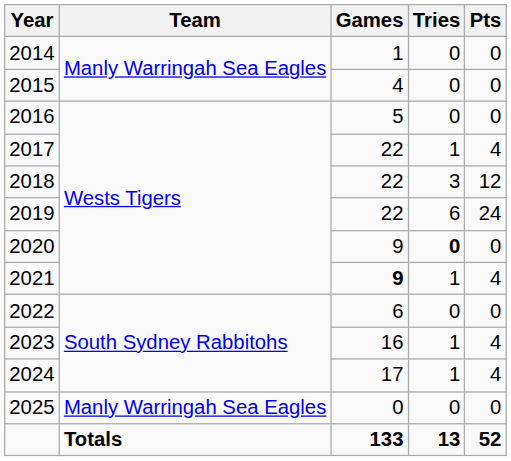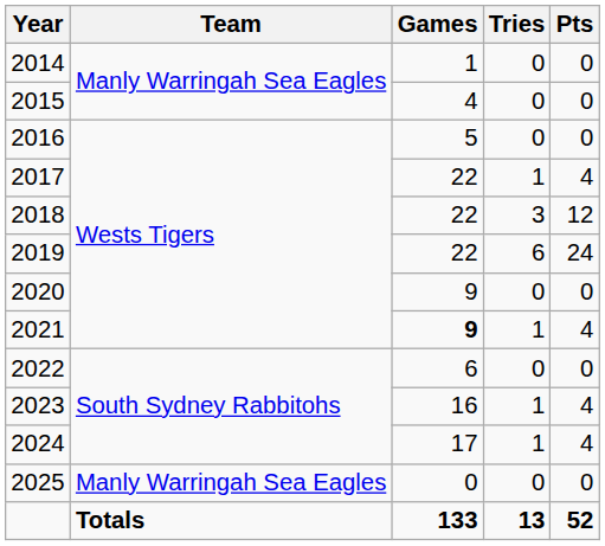 <table class="wikitable">
 <tr>
 <th>Year</th>
 <th>Team</th>
 <th>Games</th>
 <th>Tries</th>
 <th>Pts</th>
 </tr>
 <tr>
 <td align=center>2014</td>
 <td rowspan="2" align=left> <a href='#'>Manly Warringah Sea Eagles</a></td>
 <td align=right>1</td>
 <td align=right>0</td>
 <td align=right>0</td>
 </tr>
 <tr>
 <td align=center>2015</td>
 <td align=right>4</td>
 <td align=right>0</td>
 <td align=right>0</td>
 </tr>
 <tr>
 <td align=center>2016</td>
 <td rowspan="6" align=left> <a href='#'>Wests Tigers</a></td>
 <td align=right>5</td>
 <td align=right>0</td>
 <td align=right>0</td>
 </tr>
 <tr>
 <td align=center>2017</td>
 <td align=right>22</td>
 <td align=right>1</td>
 <td align=right>4</td>
 </tr>
 <tr>
 <td align=center>2018</td>
 <td align=right>22</td>
 <td align=right>3</td>
 <td align=right>12</td>
 </tr>
 <tr>
 <td align=center>2019</td>
 <td align=right>22</td>
 <td align=right>6</td>
 <td align=right>24</td>
 </tr>
 <tr>
 <td align=center>2020</td>
 <td align=right>9</td>
-<td align=right><strong>0</strong></td>
+<td align=right>0</td>
 <td align=right>0</td>
 </tr>
 <tr>
 <td align=center>2021</td>
 <td align=right><strong>9</strong></td>
 <td align=right>1</td>
 <td align=right>4</td>
 </tr>
 <tr>
 <td align=center>2022</td>
 <td rowspan="3" align=left>  <a href='#'>South Sydney Rabbitohs</a></td>
 <td align=right>6</td>
 <td align=right>0</td>
 <td align=right>0</td>
 </tr>
 <tr>
 <td align=center>2023</td>
 <td align=right>16</td>
 <td align=right>1</td>
 <td align=right>4</td>
 </tr>
 <tr>
 <td align=center>2024</td>
 <td align=right>17</td>
 <td align=right>1</td>
 <td align=right>4</td>
 </tr>
 <tr>
 <td align=center>2025</td>
 <td rowspan=1 align=left>  <a href='#'>Manly Warringah Sea Eagles</a></td>
 <td align=right>0</td>
 <td align=right>0</td>
 <td align=right>0</td>
 </tr>
 <tr>
 <td></td>
 <td align=left><strong>Totals</strong></td>
 <td align=right><strong>133</strong></td>
 <td align=right><strong>13</strong></td>
 <td align=right><strong>52</strong></td>
 </tr>
 </table>
